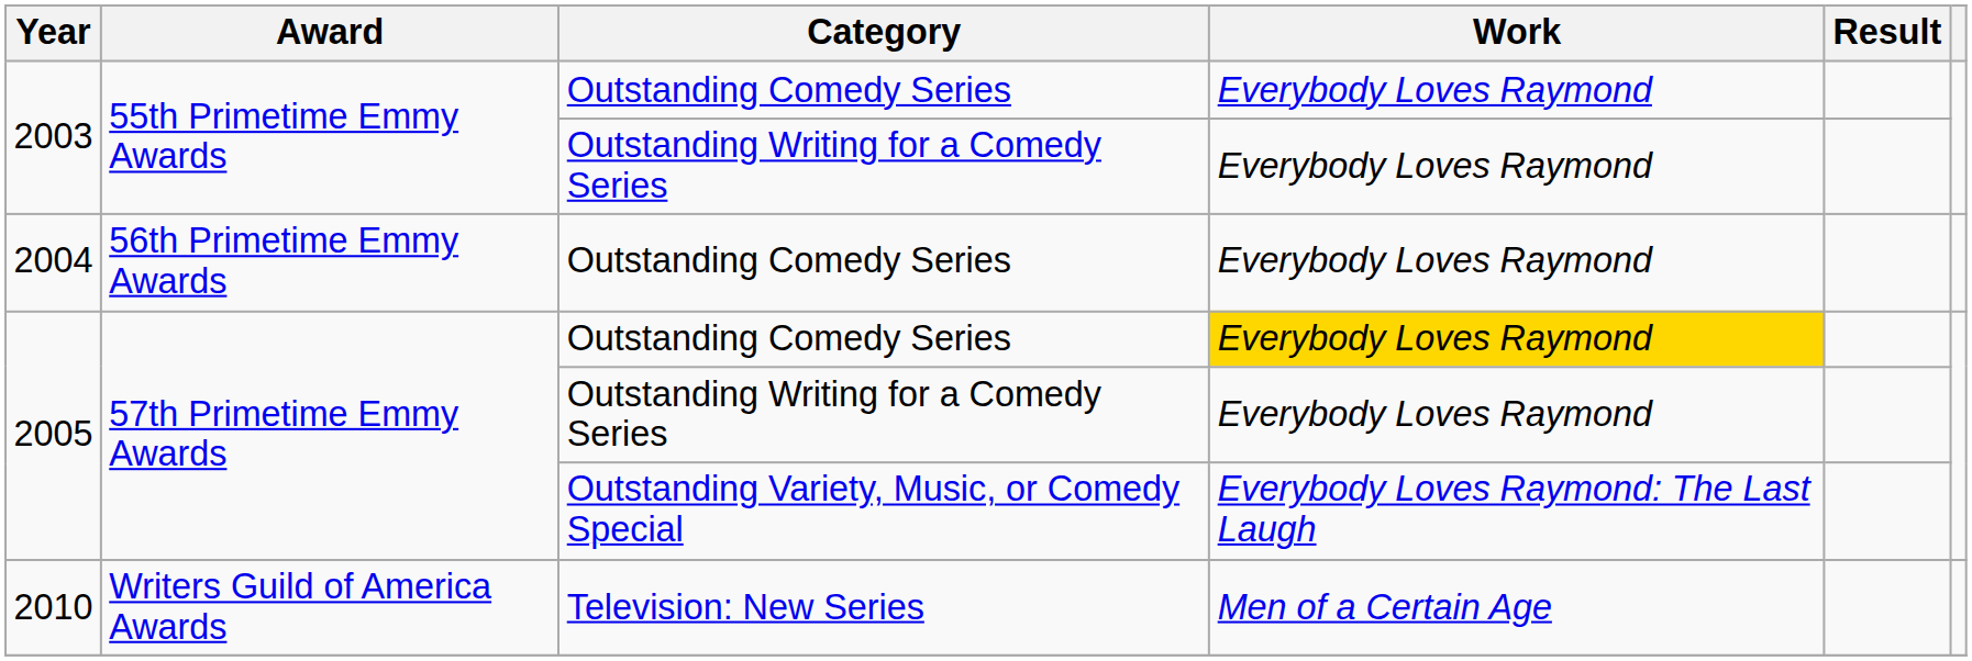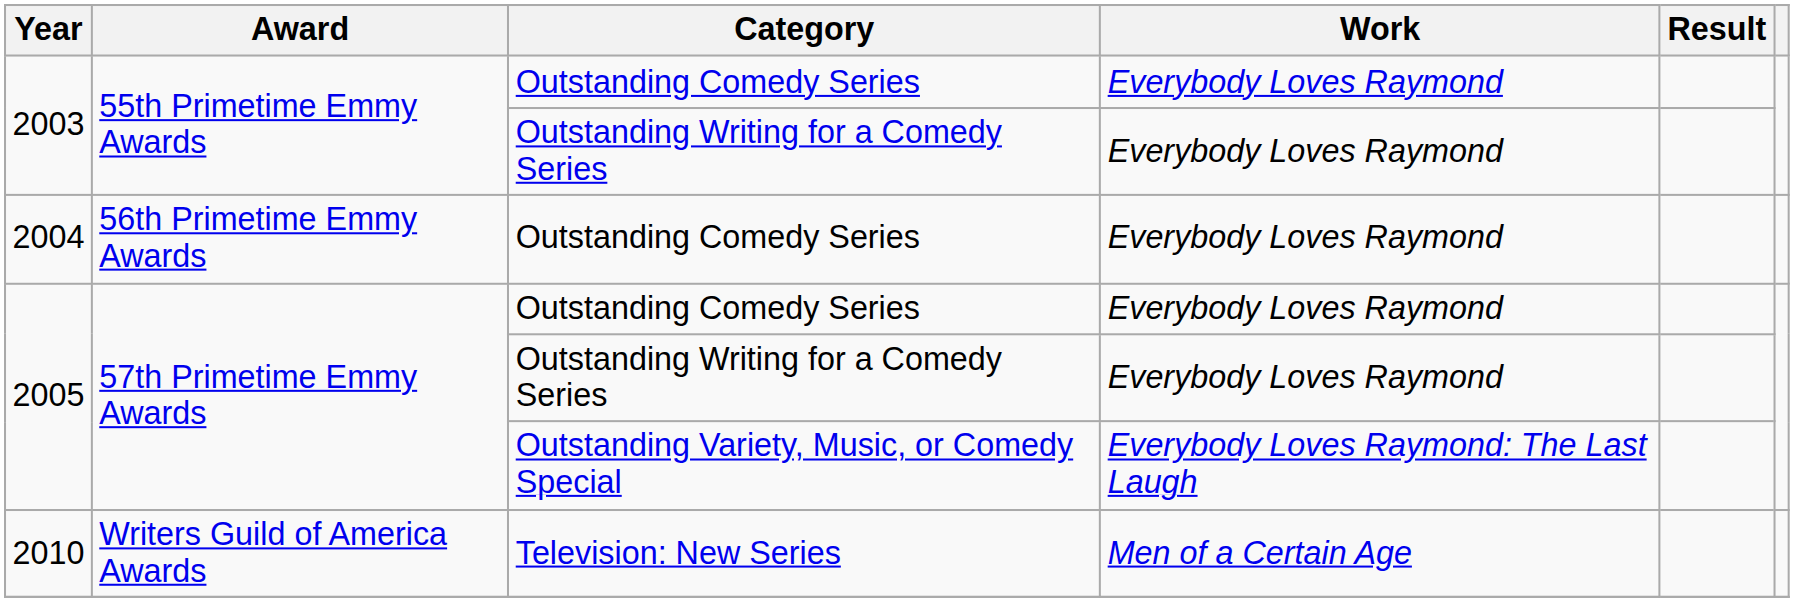 <table class="wikitable sortable plainrowheaders" style="width:100%">
 <tr>
 <th class="unsortable">Year</th>
 <th>Award</th>
 <th>Category</th>
 <th>Work</th>
 <th>Result</th>
 <th class="unsortable"></th>
 </tr>
 <tr>
 <td rowspan="2">2003</td>
 <td rowspan="2"><a href='#'>55th Primetime Emmy Awards</a></td>
 <td><a href='#'>Outstanding Comedy Series</a></td>
 <td><em><a href='#'>Everybody Loves Raymond</a></em></td>
 <td></td>
 <td rowspan="2"></td>
 </tr>
 <tr>
 <td><a href='#'>Outstanding Writing for a Comedy Series</a></td>
 <td><em>Everybody Loves Raymond</em></td>
 <td></td>
 </tr>
 <tr>
 <td>2004</td>
 <td><a href='#'>56th Primetime Emmy Awards</a></td>
 <td>Outstanding Comedy Series</td>
 <td><em>Everybody Loves Raymond</em></td>
 <td></td>
 <td></td>
 </tr>
 <tr>
 <td rowspan="3">2005</td>
 <td rowspan="3"><a href='#'>57th Primetime Emmy Awards</a></td>
 <td>Outstanding Comedy Series</td>
-<td style="background: gold;"><em>Everybody Loves Raymond</em></td>
+<td><em>Everybody Loves Raymond</em></td>
 <td></td>
 <td rowspan="3"></td>
 </tr>
 <tr>
 <td>Outstanding Writing for a Comedy Series</td>
 <td><em>Everybody Loves Raymond</em></td>
 <td></td>
 </tr>
 <tr>
 <td><a href='#'>Outstanding Variety, Music, or Comedy Special</a></td>
 <td><em><a href='#'>Everybody Loves Raymond: The Last Laugh</a></em></td>
 <td></td>
 </tr>
 <tr>
 <td>2010</td>
 <td><a href='#'>Writers Guild of America Awards</a></td>
 <td><a href='#'>Television: New Series</a></td>
 <td><em><a href='#'>Men of a Certain Age</a></em></td>
 <td></td>
 <td></td>
 </tr>
 <tr>
 </tr>
 </table>
